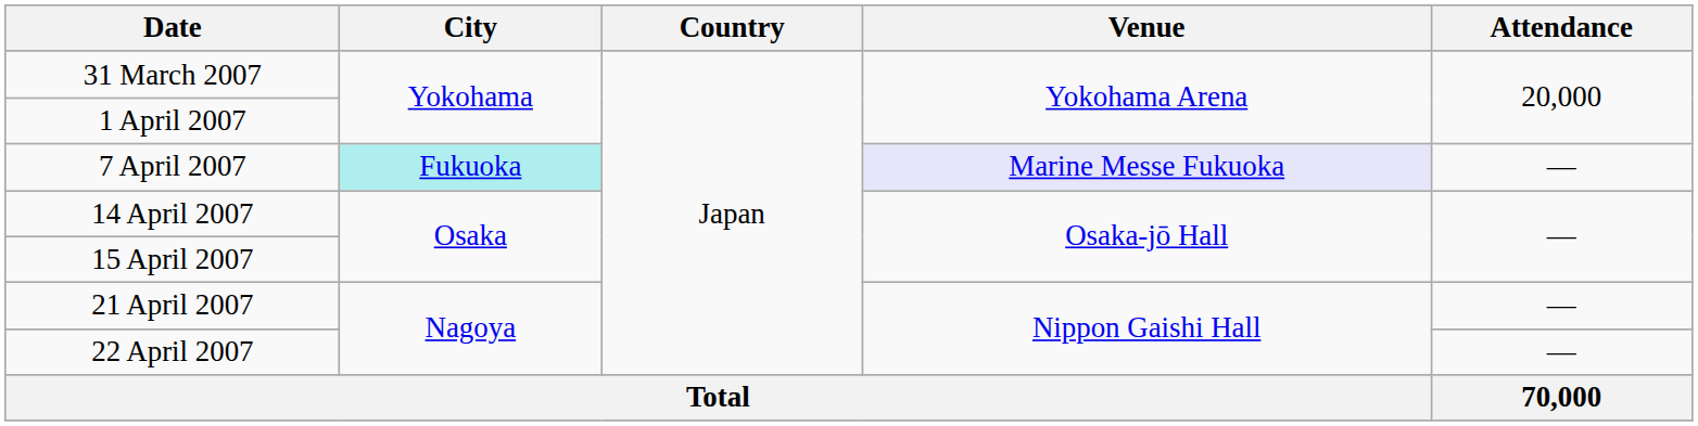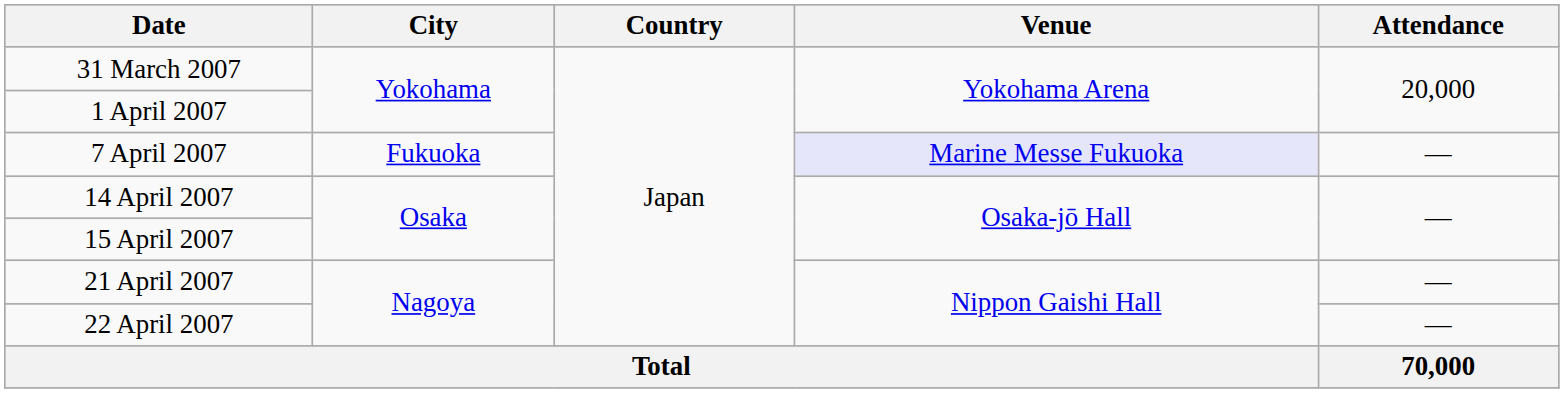 <table class="wikitable" style="text-align:center;">
 <tr>
 <th scope="col" style="width:11em;">Date</th>
 <th scope="col" style="width:8.5em;">City</th>
 <th scope="col" style="width:8.5em;">Country</th>
 <th scope="col" style="width:19em;">Venue</th>
 <th scope="col" style="width:8.5em;">Attendance</th>
 </tr>
 <tr>
 <td>31 March 2007</td>
 <td rowspan="2"><a href='#'>Yokohama</a></td>
 <td rowspan="7">Japan</td>
 <td rowspan="2"><a href='#'>Yokohama Arena</a></td>
 <td rowspan="2">20,000</td>
 </tr>
 <tr>
 <td>1 April 2007</td>
 </tr>
 <tr>
 <td>7 April 2007</td>
-<td style="background: paleturquoise;"><a href='#'>Fukuoka</a></td>
+<td><a href='#'>Fukuoka</a></td>
 <td style="background: lavender;"><a href='#'>Marine Messe Fukuoka</a></td>
 <td>—</td>
 </tr>
 <tr>
 <td>14 April 2007</td>
 <td rowspan="2"><a href='#'>Osaka</a></td>
 <td rowspan="2"><a href='#'>Osaka-jō Hall</a></td>
 <td rowspan="2">—</td>
 </tr>
 <tr>
 <td>15 April 2007</td>
 </tr>
 <tr>
 <td>21 April 2007</td>
 <td rowspan="2"><a href='#'>Nagoya</a></td>
 <td rowspan="2"><a href='#'>Nippon Gaishi Hall</a></td>
 <td>—</td>
 </tr>
 <tr>
 <td>22 April 2007</td>
 <td>—</td>
 </tr>
 <tr>
 <th colspan="4">Total</th>
 <th>70,000</th>
 </tr>
 </table>
